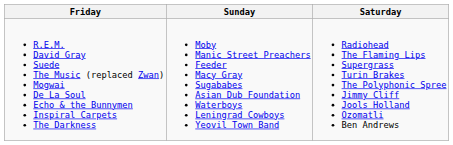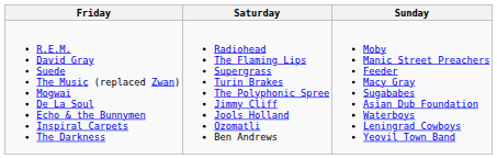 <table class="wikitable">
 <tr>
 <th>Friday</th>
+<th>Saturday</th>
 <th>Sunday</th>
-<th>Saturday</th>
 </tr>
 <tr valign="top">
 <td><br><ul><li><a href='#'>R.E.M.</a></li><li><a href='#'>David Gray</a></li><li><a href='#'>Suede</a></li><li><a href='#'>The Music</a> (replaced <a href='#'>Zwan</a>)</li><li><a href='#'>Mogwai</a></li><li><a href='#'>De La Soul</a></li><li><a href='#'>Echo & the Bunnymen</a></li><li><a href='#'>Inspiral Carpets</a></li><li><a href='#'>The Darkness</a></li></ul></td>
+<td><br><ul><li><a href='#'>Radiohead</a></li><li><a href='#'>The Flaming Lips</a></li><li><a href='#'>Supergrass</a></li><li><a href='#'>Turin Brakes</a></li><li><a href='#'>The Polyphonic Spree</a></li><li><a href='#'>Jimmy Cliff</a></li><li><a href='#'>Jools Holland</a></li><li><a href='#'>Ozomatli</a></li><li>Ben Andrews</li></ul></td>
 <td><br><ul><li><a href='#'>Moby</a></li><li><a href='#'>Manic Street Preachers</a></li><li><a href='#'>Feeder</a></li><li><a href='#'>Macy Gray</a></li><li><a href='#'>Sugababes</a></li><li><a href='#'>Asian Dub Foundation</a></li><li><a href='#'>Waterboys</a></li><li><a href='#'>Leningrad Cowboys</a></li><li><a href='#'>Yeovil Town Band</a></li></ul></td>
-<td><br><ul><li><a href='#'>Radiohead</a></li><li><a href='#'>The Flaming Lips</a></li><li><a href='#'>Supergrass</a></li><li><a href='#'>Turin Brakes</a></li><li><a href='#'>The Polyphonic Spree</a></li><li><a href='#'>Jimmy Cliff</a></li><li><a href='#'>Jools Holland</a></li><li><a href='#'>Ozomatli</a></li><li>Ben Andrews</li></ul></td>
 </tr>
 </table>
